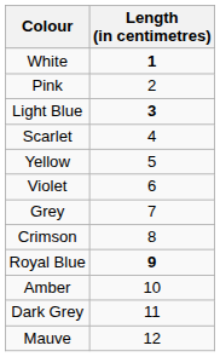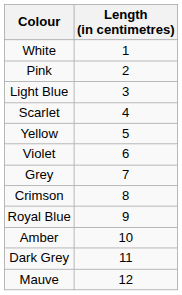 <table class="wikitable" style=text-align:center;>
 <tr style="background:lightgrey;">
 <th>Colour</th>
 <th>Length<br>(in centimetres)</th>
 </tr>
 <tr>
 <td>White</td>
-<td><strong>1</strong></td>
+<td>1</td>
 </tr>
 <tr>
 <td>Pink</td>
 <td>2</td>
 </tr>
 <tr>
 <td>Light Blue</td>
-<td><strong>3</strong></td>
+<td>3</td>
 </tr>
 <tr>
 <td>Scarlet</td>
 <td>4</td>
 </tr>
 <tr>
 <td>Yellow</td>
 <td>5</td>
 </tr>
 <tr>
 <td>Violet</td>
 <td>6</td>
 </tr>
 <tr>
 <td>Grey</td>
 <td>7</td>
 </tr>
 <tr>
 <td>Crimson</td>
 <td>8</td>
 </tr>
 <tr>
 <td>Royal Blue</td>
-<td><strong>9</strong></td>
+<td>9</td>
 </tr>
 <tr>
 <td>Amber</td>
 <td>10</td>
 </tr>
 <tr>
 <td>Dark Grey</td>
 <td>11</td>
 </tr>
 <tr>
 <td>Mauve</td>
 <td>12</td>
 </tr>
 </table>
